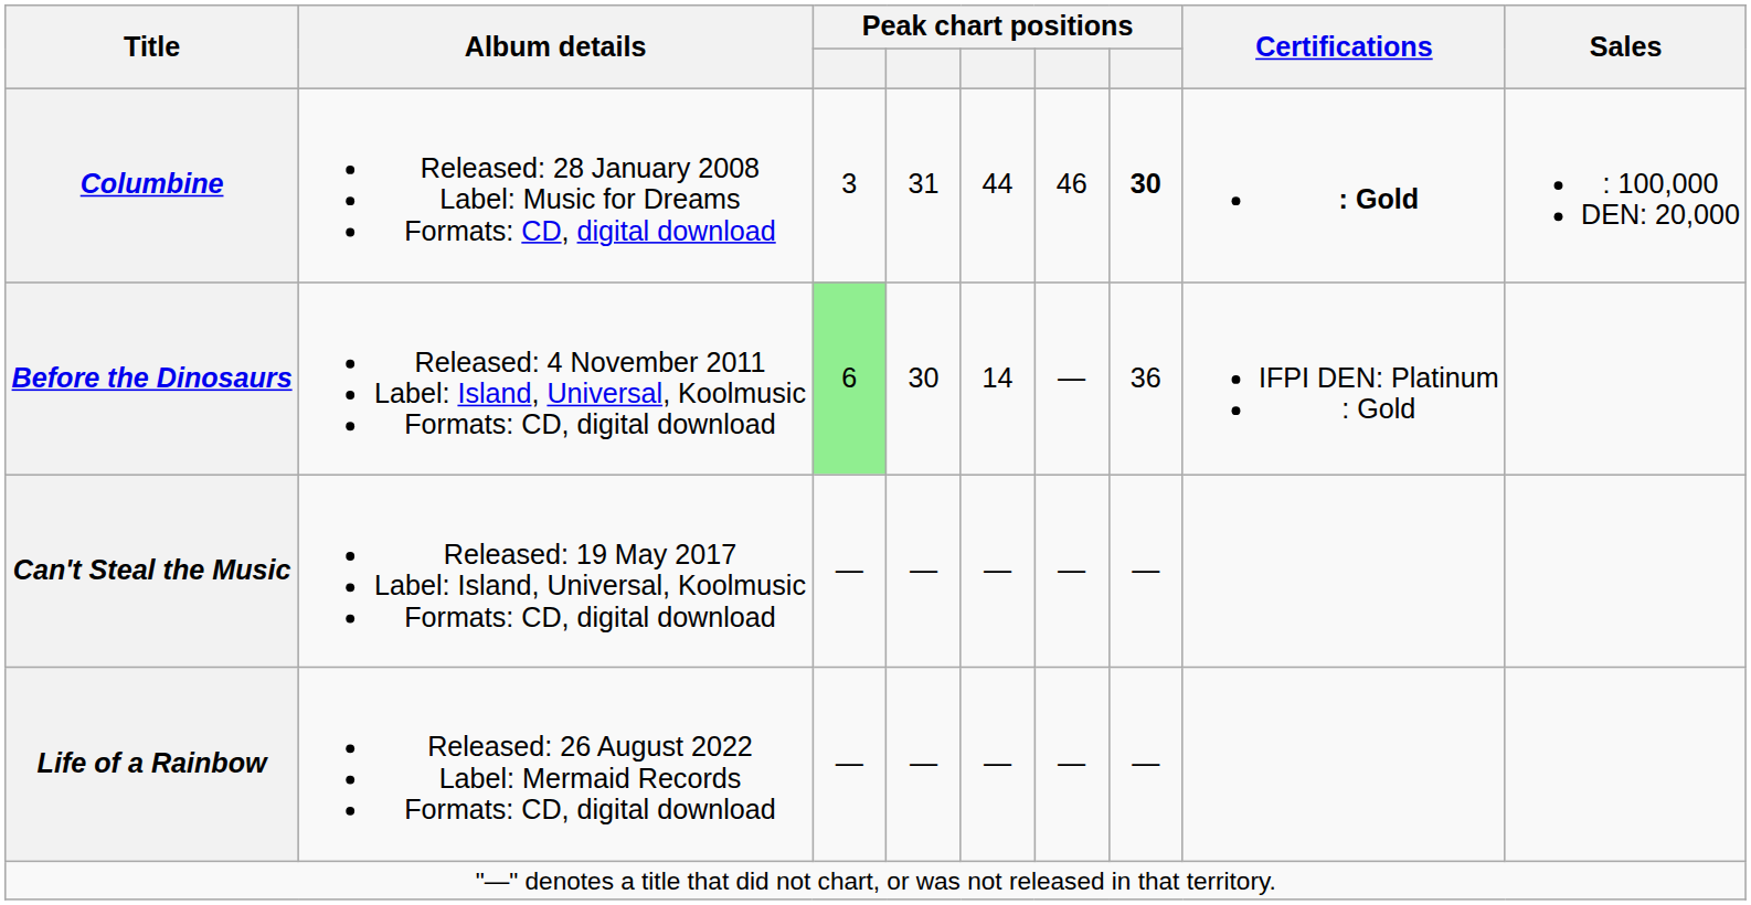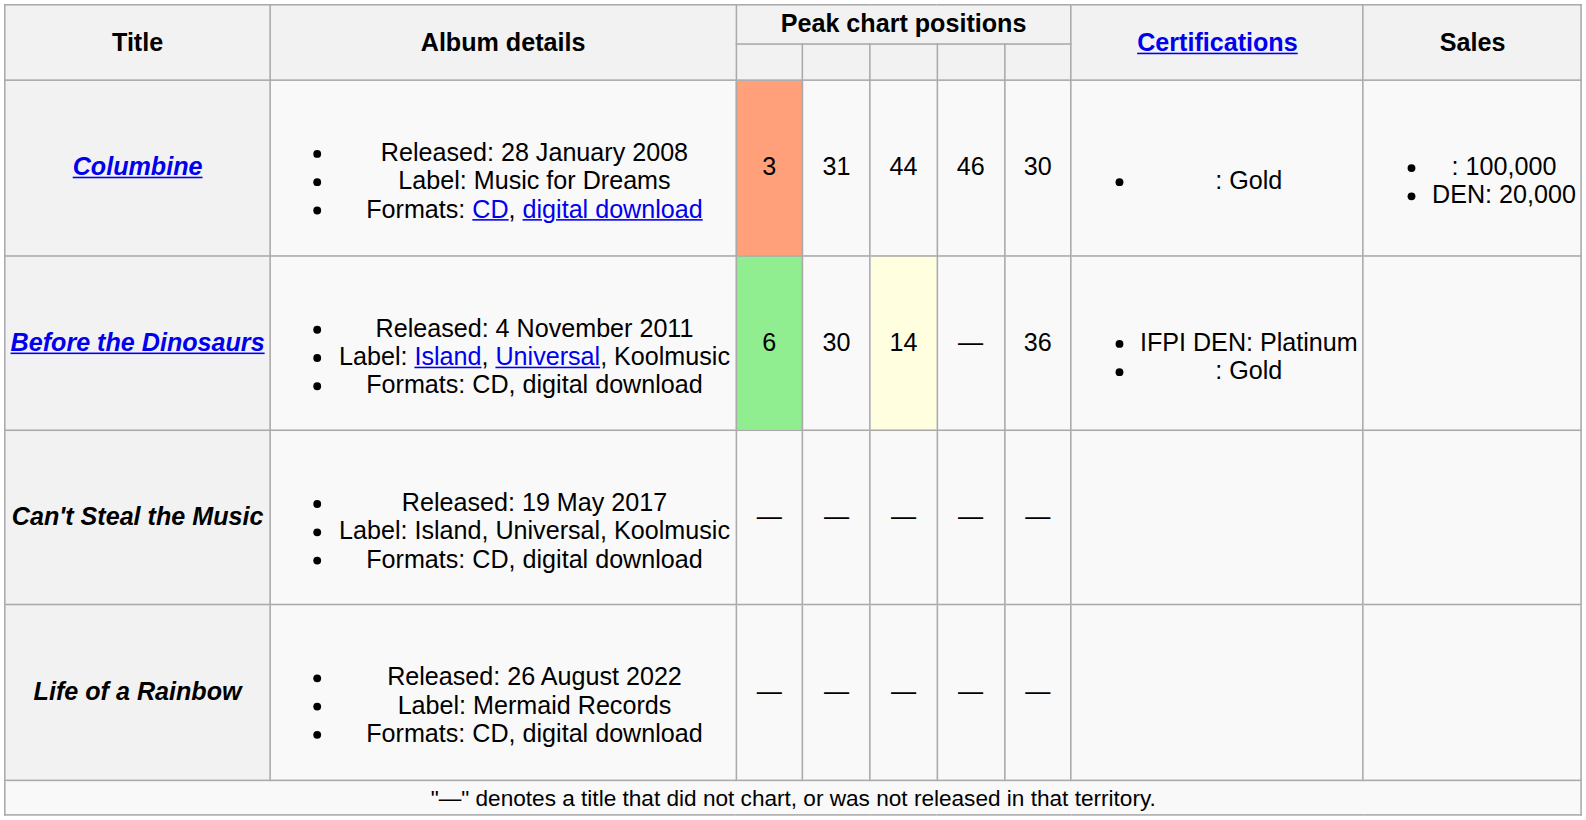 <table class="wikitable plainrowheaders" style="text-align:center;" border="1">
 <tr>
 <th scope="col" rowspan="2">Title</th>
 <th scope="col" rowspan="2">Album details</th>
 <th scope="col" colspan="5">Peak chart positions</th>
 <th scope="col" rowspan="2"><a href='#'>Certifications</a></th>
 <th scope="col" rowspan="2">Sales</th>
 </tr>
 <tr>
 <th scope="col" style="width:2.5em;font-size:90%;"><a href='#'></a><br></th>
 <th scope="col" style="width:2.5em;font-size:90%;"><a href='#'></a><br></th>
 <th scope="col" style="width:2.5em;font-size:90%;"><a href='#'></a><br></th>
 <th scope="col" style="width:2.5em;font-size:90%;"><a href='#'></a><br></th>
 <th scope="col" style="width:2.5em;font-size:90%;"><a href='#'></a><br></th>
 </tr>
 <tr>
 <th scope="row"><em><a href='#'>Columbine</a></em></th>
 <td><br><ul><li>Released: 28 January 2008</li><li>Label: Music for Dreams</li><li>Formats: <a href='#'>CD</a>, <a href='#'>digital download</a></li></ul></td>
-<td>3</td>
+<td style="background: lightsalmon;">3</td>
 <td>31</td>
 <td>44</td>
 <td>46</td>
-<td><strong>30</strong></td>
-<td><strong><br><ul><li><a href='#'></a>: Gold</li></ul></strong></td>
+<td>30</td>
+<td><br><ul><li><a href='#'></a>: Gold</li></ul></td>
 <td><br><ul><li>: 100,000</li><li>DEN: 20,000</li></ul></td>
 </tr>
 <tr>
 <th scope="row"><em><a href='#'>Before the Dinosaurs</a></em></th>
 <td><br><ul><li>Released: 4 November 2011</li><li>Label: <a href='#'>Island</a>, <a href='#'>Universal</a>, Koolmusic</li><li>Formats: CD, digital download</li></ul></td>
 <td style="background: lightgreen;">6</td>
 <td>30</td>
-<td>14</td>
+<td style="background: lightyellow;">14</td>
 <td>—</td>
 <td>36</td>
 <td><br><ul><li>IFPI DEN: Platinum</li><li><a href='#'></a>: Gold</li></ul></td>
 <td></td>
 </tr>
 <tr>
 <th scope="row"><em>Can't Steal the Music</em></th>
 <td><br><ul><li>Released: 19 May 2017</li><li>Label: Island, Universal, Koolmusic</li><li>Formats: CD, digital download</li></ul></td>
 <td>—</td>
 <td>—</td>
 <td>—</td>
 <td>—</td>
 <td>—</td>
 <td></td>
 <td></td>
 </tr>
 <tr>
 <th scope="row"><em>Life of a Rainbow</em></th>
 <td><br><ul><li>Released: 26 August 2022</li><li>Label: Mermaid Records</li><li>Formats: CD, digital download</li></ul></td>
 <td>—</td>
 <td>—</td>
 <td>—</td>
 <td>—</td>
 <td>—</td>
 <td></td>
 <td></td>
 </tr>
 <tr>
 <td colspan="14" style="font-size:90%">"—" denotes a title that did not chart, or was not released in that territory.</td>
 </tr>
 </table>
